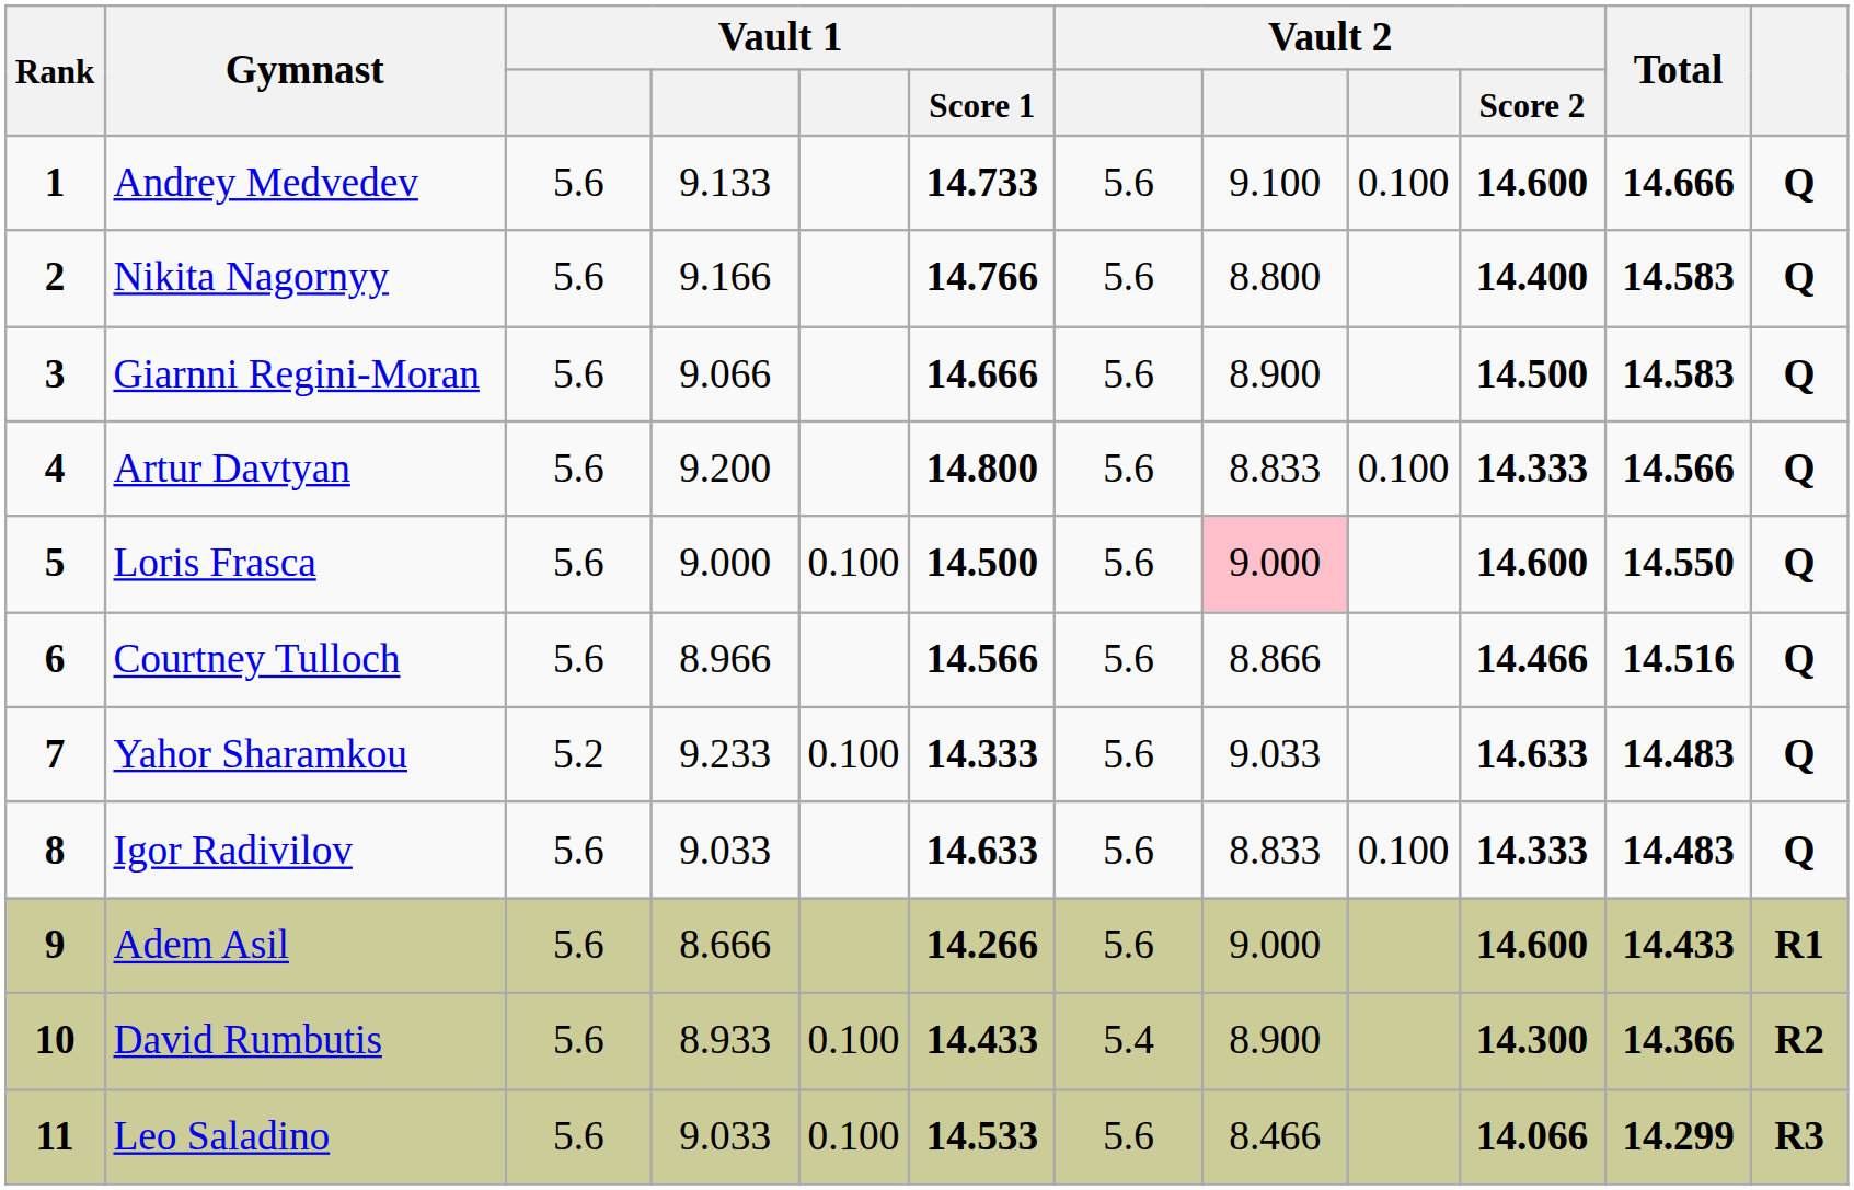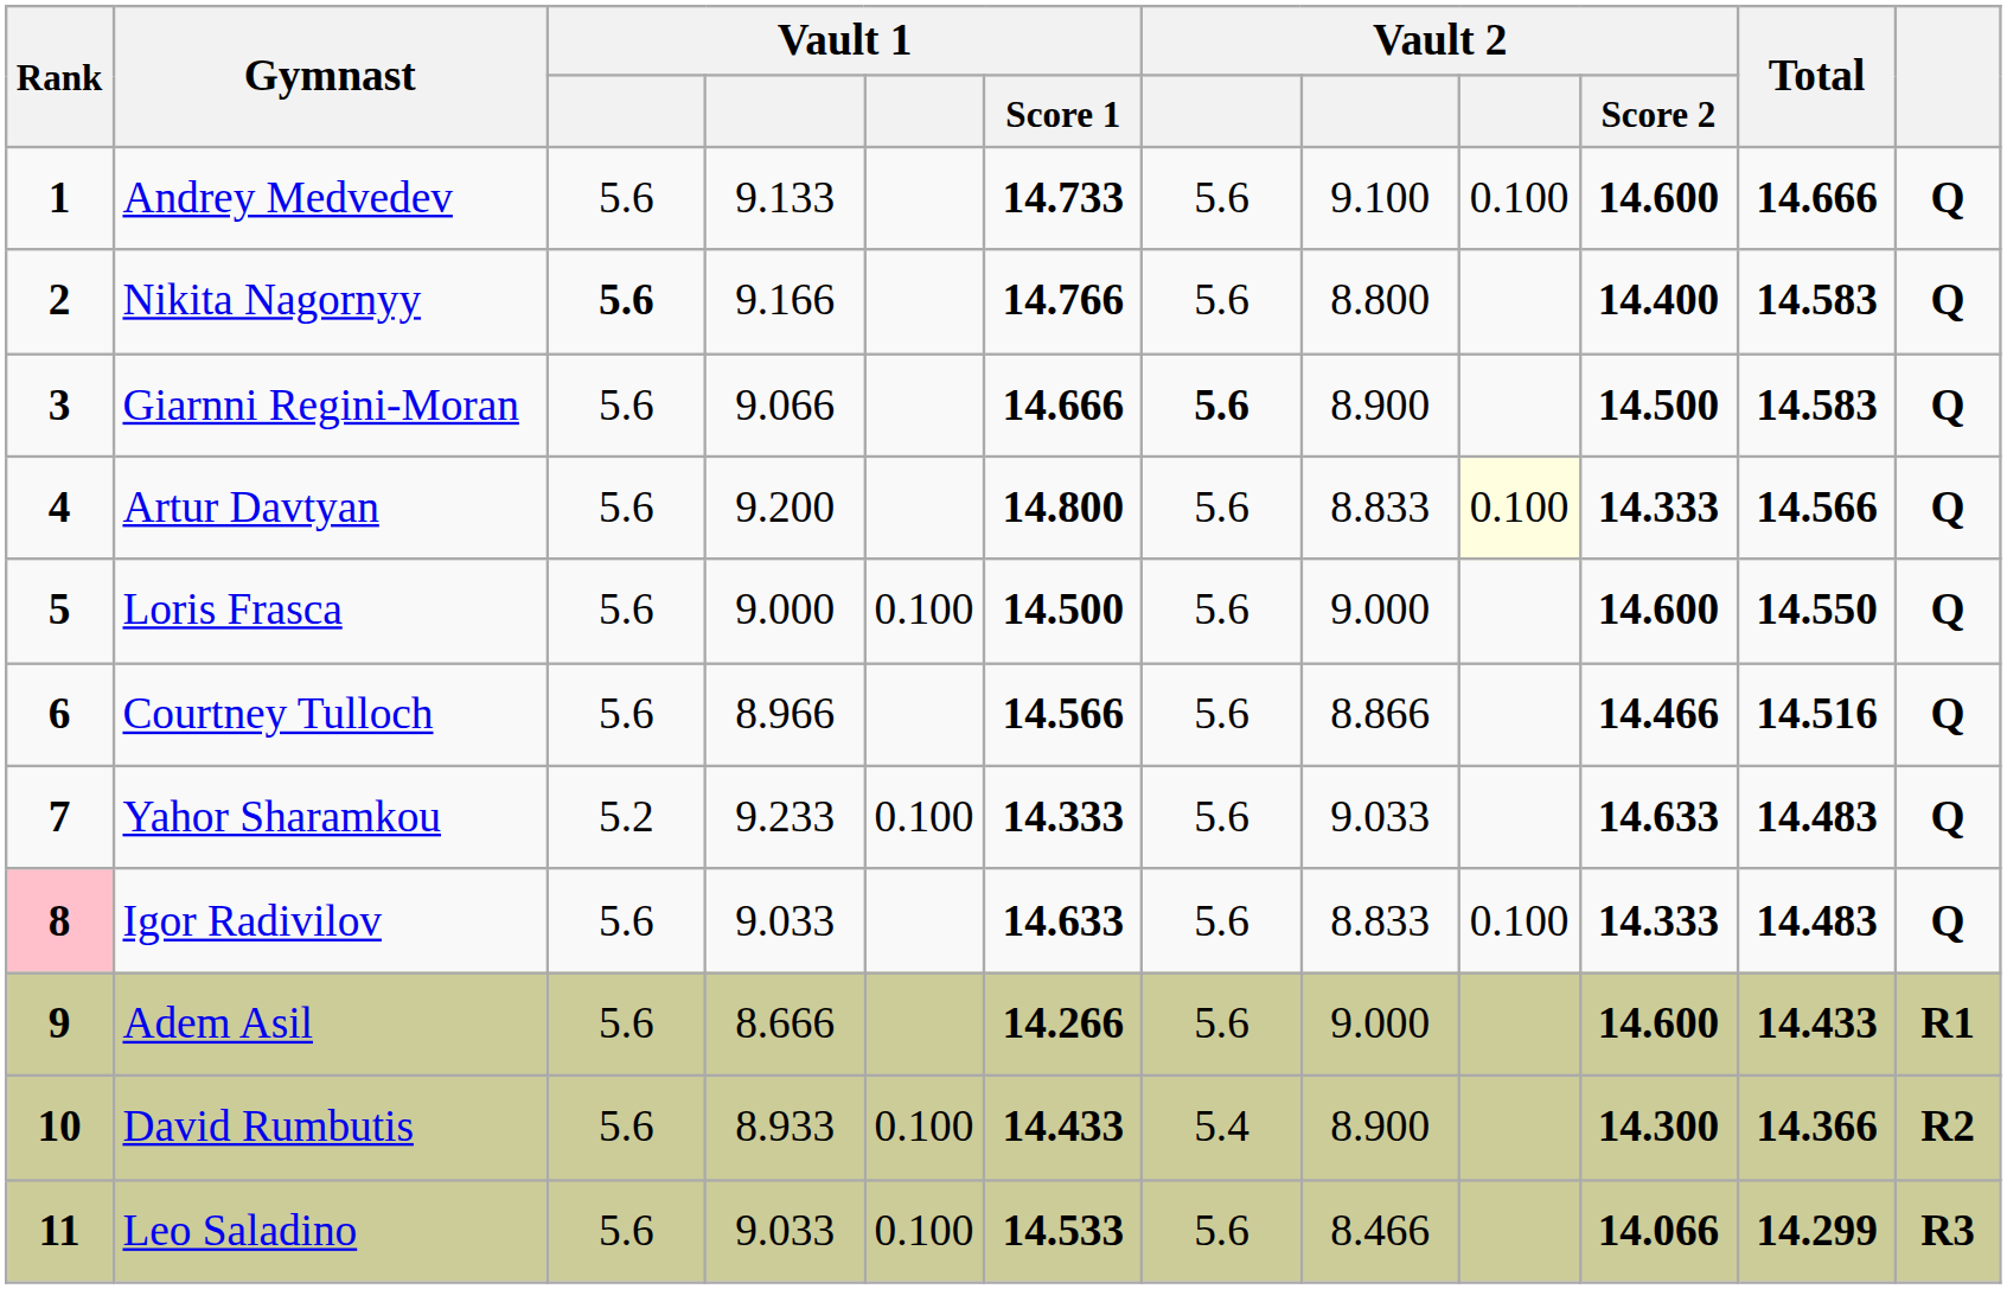 <table style="text-align:center;" class="wikitable sortable">
 <tr>
 <th style="width:15px;" rowspan="2"><small>Rank</small></th>
 <th style="width:150px;" rowspan="2">Gymnast</th>
 <th colspan="4">Vault 1</th>
 <th colspan="4">Vault 2</th>
 <th style="width:50px;" rowspan="2">Total</th>
 <th style="width:30px;" rowspan="2"><small></small></th>
 </tr>
 <tr>
 <th style="width:50px;"><small></small></th>
 <th style="width:50px;"><small></small></th>
 <th style="width:20px;"><small></small></th>
 <th style="width:50px;"><small>Score 1</small></th>
 <th style="width:50px;"><small></small></th>
 <th style="width:50px;"><small></small></th>
 <th style="width:20px;"><small></small></th>
 <th style="width:50px;"><small>Score 2</small></th>
 </tr>
 <tr>
 <td scope="row" style="text-align:center"><strong>1</strong></td>
 <td style="height:30px; text-align:left;"> <a href='#'>Andrey Medvedev</a></td>
 <td>5.6</td>
 <td>9.133</td>
 <td></td>
 <td><strong>14.733</strong></td>
 <td>5.6</td>
 <td>9.100</td>
 <td>0.100</td>
 <td><strong>14.600</strong></td>
 <td><strong>14.666</strong></td>
 <td><strong>Q</strong></td>
 </tr>
 <tr>
 <td scope="row" style="text-align:center"><strong>2</strong></td>
 <td style="height:30px; text-align:left;"> <a href='#'>Nikita Nagornyy</a></td>
-<td>5.6</td>
+<td><strong>5.6</strong></td>
 <td>9.166</td>
 <td></td>
 <td><strong>14.766</strong></td>
 <td>5.6</td>
 <td>8.800</td>
 <td></td>
 <td><strong>14.400</strong></td>
 <td><strong>14.583</strong></td>
 <td><strong>Q</strong></td>
 </tr>
 <tr>
 <td scope="row" style="text-align:center"><strong>3</strong></td>
 <td style="height:30px; text-align:left;"> <a href='#'>Giarnni Regini-Moran</a></td>
 <td>5.6</td>
 <td>9.066</td>
 <td></td>
 <td><strong>14.666</strong></td>
-<td>5.6</td>
+<td><strong>5.6</strong></td>
 <td>8.900</td>
 <td></td>
 <td><strong>14.500</strong></td>
 <td><strong>14.583</strong></td>
 <td><strong>Q</strong></td>
 </tr>
 <tr>
 <td scope="row" style="text-align:center"><strong>4</strong></td>
 <td style="height:30px; text-align:left;"> <a href='#'>Artur Davtyan</a></td>
 <td>5.6</td>
 <td>9.200</td>
 <td></td>
 <td><strong>14.800</strong></td>
 <td>5.6</td>
 <td>8.833</td>
-<td>0.100</td>
+<td style="background: lightyellow;">0.100</td>
 <td><strong>14.333</strong></td>
 <td><strong>14.566</strong></td>
 <td><strong>Q</strong></td>
 </tr>
 <tr>
 <td scope="row" style="text-align:center"><strong>5</strong></td>
 <td style="height:30px; text-align:left;"> <a href='#'>Loris Frasca</a></td>
 <td>5.6</td>
 <td>9.000</td>
 <td>0.100</td>
 <td><strong>14.500</strong></td>
 <td>5.6</td>
-<td style="background: pink;">9.000</td>
+<td>9.000</td>
 <td></td>
 <td><strong>14.600</strong></td>
 <td><strong>14.550</strong></td>
 <td><strong>Q</strong></td>
 </tr>
 <tr>
 <td scope="row" style="text-align:center"><strong>6</strong></td>
 <td style="height:30px; text-align:left;"> <a href='#'>Courtney Tulloch</a></td>
 <td>5.6</td>
 <td>8.966</td>
 <td></td>
 <td><strong>14.566</strong></td>
 <td>5.6</td>
 <td>8.866</td>
 <td></td>
 <td><strong>14.466</strong></td>
 <td><strong>14.516</strong></td>
 <td><strong>Q</strong></td>
 </tr>
 <tr>
 <td scope="row" style="text-align:center"><strong>7</strong></td>
 <td style="height:30px; text-align:left;"> <a href='#'>Yahor Sharamkou</a></td>
 <td>5.2</td>
 <td>9.233</td>
 <td>0.100</td>
 <td><strong>14.333</strong></td>
 <td>5.6</td>
 <td>9.033</td>
 <td></td>
 <td><strong>14.633</strong></td>
 <td><strong>14.483</strong></td>
 <td><strong>Q</strong></td>
 </tr>
 <tr>
-<td scope="row" style="text-align:center"><strong>8</strong></td>
+<td scope="row" style="background: pink; text-align:center"><strong>8</strong></td>
 <td style="height:30px; text-align:left;"> <a href='#'>Igor Radivilov</a></td>
 <td>5.6</td>
 <td>9.033</td>
 <td></td>
 <td><strong>14.633</strong></td>
 <td>5.6</td>
 <td>8.833</td>
 <td>0.100</td>
 <td><strong>14.333</strong></td>
 <td><strong>14.483</strong></td>
 <td><strong>Q</strong></td>
 </tr>
 <tr style="background:#cccc99;">
 <td scope="row" style="text-align:center"><strong>9</strong></td>
 <td style="height:30px; text-align:left;"> <a href='#'>Adem Asil</a></td>
 <td>5.6</td>
 <td>8.666</td>
 <td></td>
 <td><strong>14.266</strong></td>
 <td>5.6</td>
 <td>9.000</td>
 <td></td>
 <td><strong>14.600</strong></td>
 <td><strong>14.433</strong></td>
 <td><strong>R1</strong></td>
 </tr>
 <tr style="background:#cccc99;">
 <td scope="row" style="text-align:center"><strong>10</strong></td>
 <td style="height:30px; text-align:left;"> <a href='#'>David Rumbutis</a></td>
 <td>5.6</td>
 <td>8.933</td>
 <td>0.100</td>
 <td><strong>14.433</strong></td>
 <td>5.4</td>
 <td>8.900</td>
 <td></td>
 <td><strong>14.300</strong></td>
 <td><strong>14.366</strong></td>
 <td><strong>R2</strong></td>
 </tr>
 <tr style="background:#cccc99;">
 <td scope="row" style="text-align:center"><strong>11</strong></td>
 <td style="height:30px; text-align:left;"> <a href='#'>Leo Saladino</a></td>
 <td>5.6</td>
 <td>9.033</td>
 <td>0.100</td>
 <td><strong>14.533</strong></td>
 <td>5.6</td>
 <td>8.466</td>
 <td></td>
 <td><strong>14.066</strong></td>
 <td><strong>14.299</strong></td>
 <td><strong>R3</strong></td>
 </tr>
 </table>
